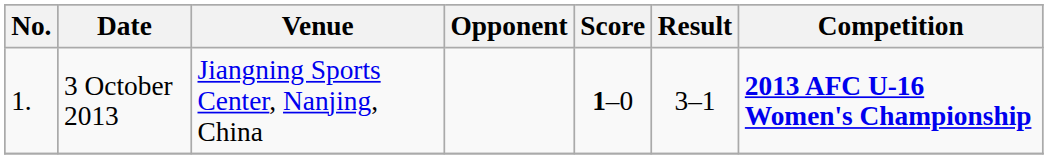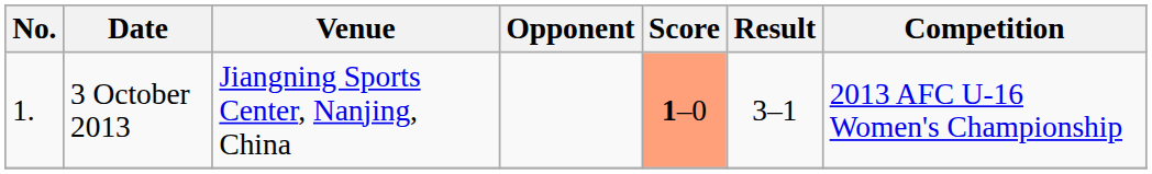 <table class="wikitable">
 <tr>
 <th>No.</th>
 <th>Date</th>
 <th>Venue</th>
 <th>Opponent</th>
 <th>Score</th>
 <th>Result</th>
 <th>Competition</th>
 </tr>
 <tr>
 <td>1.</td>
 <td>3 October 2013</td>
 <td><a href='#'>Jiangning Sports Center</a>, <a href='#'>Nanjing</a>, China</td>
 <td></td>
-<td align=center><strong>1</strong>–0</td>
+<td align=center style="background: lightsalmon;"><strong>1</strong>–0</td>
 <td align=center>3–1</td>
-<td><strong><a href='#'>2013 AFC U-16 Women's Championship</a></strong></td>
+<td><a href='#'>2013 AFC U-16 Women's Championship</a></td>
 </tr>
 <tr>
 </tr>
 </table>
